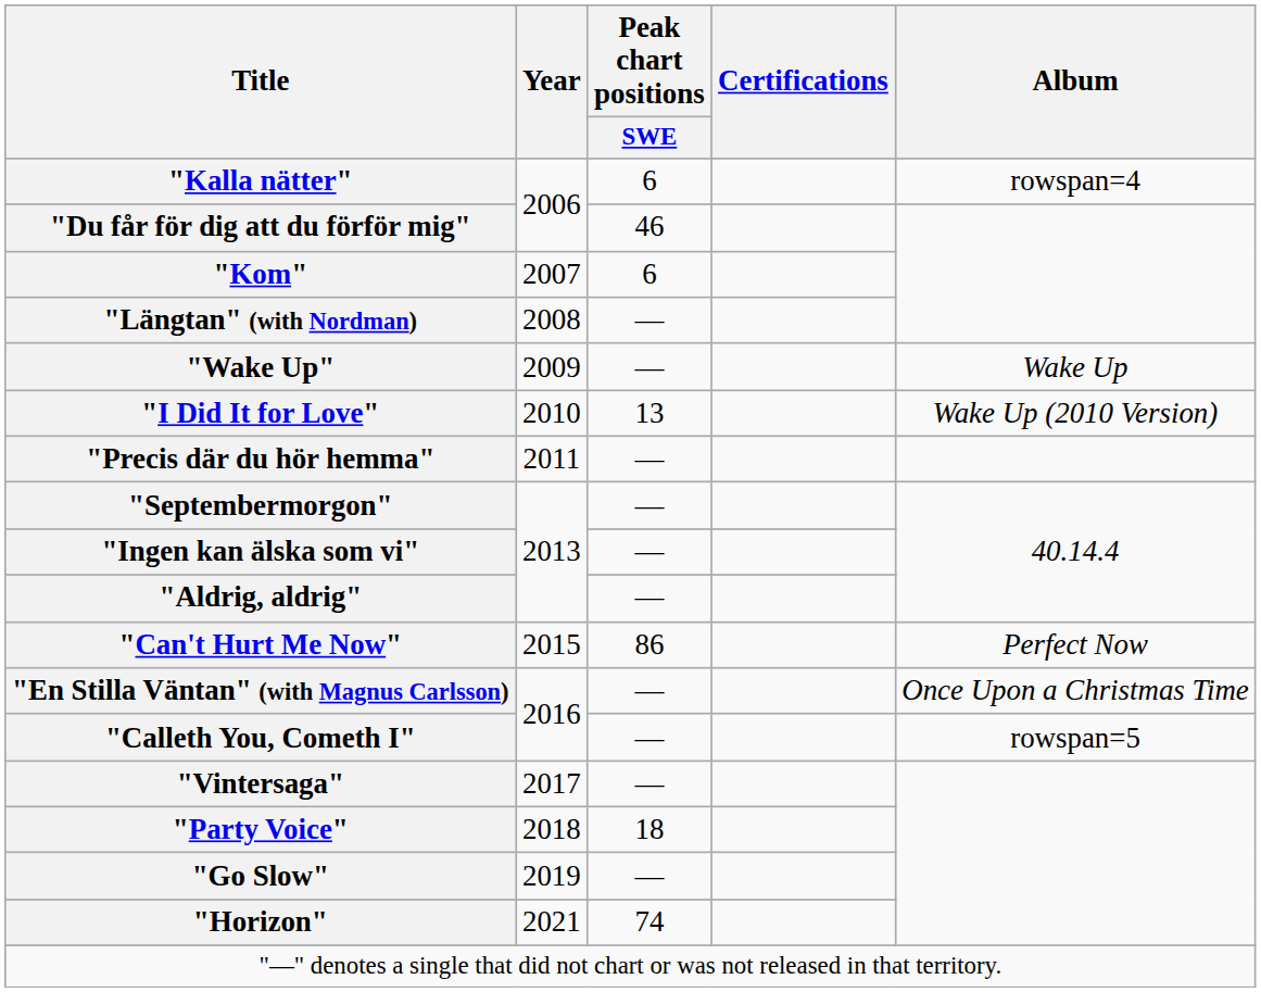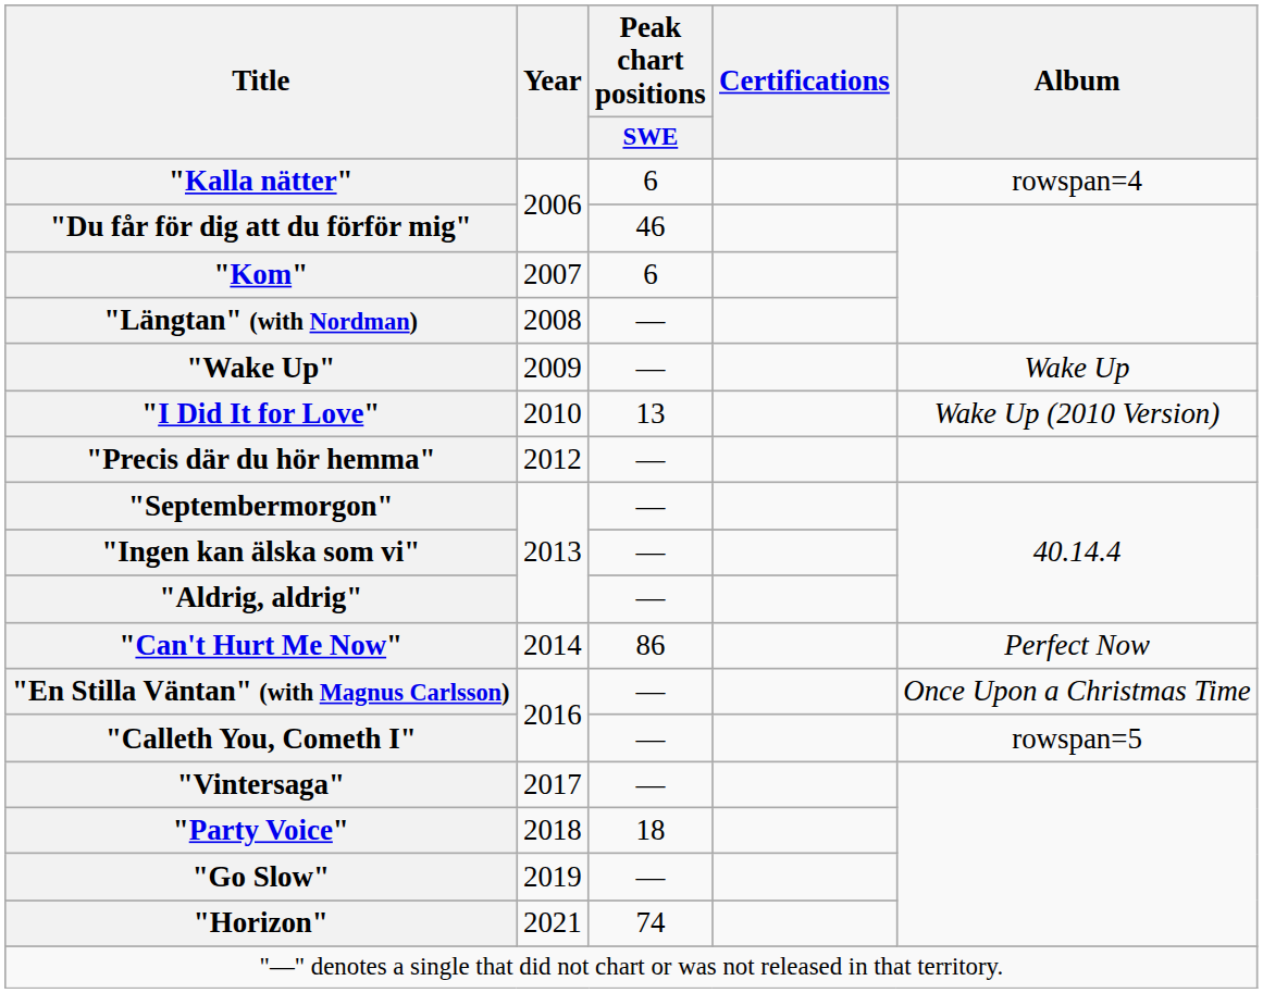 <table class="wikitable plainrowheaders" style="text-align:center;">
 <tr>
 <th scope="col" rowspan="2">Title</th>
 <th scope="col" rowspan="2">Year</th>
 <th scope="col" colspan="1">Peak chart positions</th>
 <th scope="col" rowspan="2"><a href='#'>Certifications</a></th>
 <th scope="col" rowspan="2">Album</th>
 </tr>
 <tr>
 <th scope="col" style="width:3em;font-size:85%;"><a href='#'>SWE</a><br></th>
 </tr>
 <tr>
 <th scope="row">"<a href='#'>Kalla nätter</a>"</th>
 <td rowspan=2>2006</td>
 <td>6</td>
 <td></td>
 <td>rowspan=4 </td>
 </tr>
 <tr>
 <th scope="row">"Du får för dig att du förför mig"</th>
 <td>46</td>
 <td></td>
 </tr>
 <tr>
 <th scope="row">"<a href='#'>Kom</a>"</th>
 <td>2007</td>
 <td>6</td>
 <td></td>
 </tr>
 <tr>
 <th scope="row">"Längtan" <small> (with <a href='#'>Nordman</a>) </small></th>
 <td>2008</td>
 <td>—</td>
 <td></td>
 </tr>
 <tr>
 <th scope="row">"Wake Up"</th>
 <td>2009</td>
 <td>—</td>
 <td></td>
 <td><em>Wake Up</em></td>
 </tr>
 <tr>
 <th scope="row">"<a href='#'>I Did It for Love</a>"</th>
 <td>2010</td>
 <td>13</td>
 <td></td>
 <td><em>Wake Up (2010 Version)</em></td>
 </tr>
 <tr>
 <th scope="row">"Precis där du hör hemma"</th>
-<td>2011</td>
+<td>2012</td>
 <td>—</td>
 <td></td>
 <td></td>
 </tr>
 <tr>
 <th scope="row">"Septembermorgon"</th>
 <td rowspan=3>2013</td>
 <td>—</td>
 <td></td>
 <td rowspan=3><em>40.14.4</em></td>
 </tr>
 <tr>
 <th scope="row">"Ingen kan älska som vi"</th>
 <td>—</td>
 <td></td>
 </tr>
 <tr>
 <th scope="row">"Aldrig, aldrig"</th>
 <td>—</td>
 <td></td>
 </tr>
 <tr>
 <th scope="row">"<a href='#'>Can't Hurt Me Now</a>"</th>
-<td>2015</td>
+<td>2014</td>
 <td>86</td>
 <td></td>
 <td><em>Perfect Now</em></td>
 </tr>
 <tr>
 <th scope="row">"En Stilla Väntan" <small> (with <a href='#'>Magnus Carlsson</a>) </small></th>
 <td rowspan=2>2016</td>
 <td>—</td>
 <td></td>
 <td><em>Once Upon a Christmas Time</em></td>
 </tr>
 <tr>
 <th scope="row">"Calleth You, Cometh I" </th>
 <td>—</td>
 <td></td>
 <td>rowspan=5 </td>
 </tr>
 <tr>
 <th scope="row">"Vintersaga" </th>
 <td>2017</td>
 <td>—</td>
 <td></td>
 </tr>
 <tr>
 <th scope="row">"<a href='#'>Party Voice</a>"</th>
 <td>2018</td>
 <td>18<br></td>
 <td></td>
 </tr>
 <tr>
 <th scope="row">"Go Slow"</th>
 <td>2019</td>
 <td>—</td>
 <td></td>
 </tr>
 <tr>
 <th scope="row">"Horizon"</th>
 <td>2021</td>
 <td>74<br></td>
 <td></td>
 </tr>
 <tr>
 <td colspan="20" style="font-size:85%">"—" denotes a single that did not chart or was not released in that territory.</td>
 </tr>
 </table>
